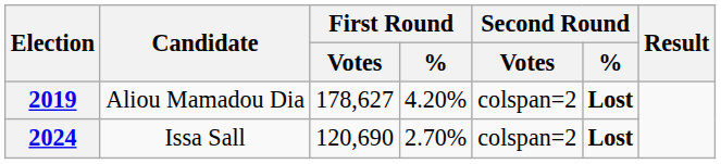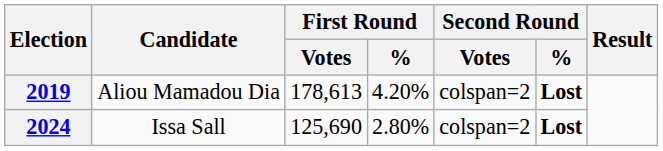 <table class="wikitable" style="text-align:center">
 <tr>
 <th rowspan="2">Election</th>
 <th rowspan="2">Candidate</th>
 <th colspan="2">First Round</th>
 <th colspan="2">Second Round</th>
 <th rowspan="2">Result</th>
 </tr>
 <tr>
 <th><strong>Votes</strong></th>
 <th><strong>%</strong></th>
 <th><strong>Votes</strong></th>
 <th><strong>%</strong></th>
 </tr>
 <tr>
 <th><a href='#'>2019</a></th>
 <td>Aliou Mamadou Dia</td>
-<td>178,627</td>
+<td>178,613</td>
 <td>4.20%</td>
 <td>colspan=2 </td>
 <td><strong>Lost</strong> </td>
 </tr>
 <tr>
 <th><a href='#'>2024</a></th>
 <td>Issa Sall</td>
-<td>120,690</td>
-<td>2.70%</td>
+<td>125,690</td>
+<td>2.80%</td>
 <td>colspan=2 </td>
 <td><strong>Lost</strong> </td>
 </tr>
 </table>
